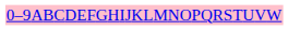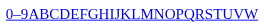 <table id="toc" class="toc" summary="Class">
 <tr>
 <th></th>
 </tr>
 <tr>
-<td style="background: pink; text-align:center;"><a href='#'>0–9</a><a href='#'>A</a><a href='#'>B</a><a href='#'>C</a><a href='#'>D</a><a href='#'>E</a><a href='#'>F</a><a href='#'>G</a><a href='#'>H</a><a href='#'>I</a><a href='#'>J</a><a href='#'>K</a><a href='#'>L</a><a href='#'>M</a><a href='#'>N</a><a href='#'>O</a><a href='#'>P</a><a href='#'>Q</a><a href='#'>R</a><a href='#'>S</a><a href='#'>T</a><a href='#'>U</a><a href='#'>V</a><a href='#'>W</a></td>
+<td style="text-align:center;"><a href='#'>0–9</a><a href='#'>A</a><a href='#'>B</a><a href='#'>C</a><a href='#'>D</a><a href='#'>E</a><a href='#'>F</a><a href='#'>G</a><a href='#'>H</a><a href='#'>I</a><a href='#'>J</a><a href='#'>K</a><a href='#'>L</a><a href='#'>M</a><a href='#'>N</a><a href='#'>O</a><a href='#'>P</a><a href='#'>Q</a><a href='#'>R</a><a href='#'>S</a><a href='#'>T</a><a href='#'>U</a><a href='#'>V</a><a href='#'>W</a></td>
 </tr>
 </table>
